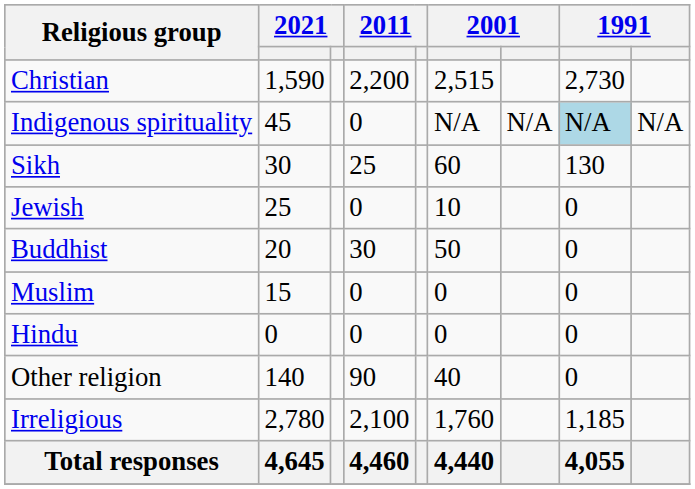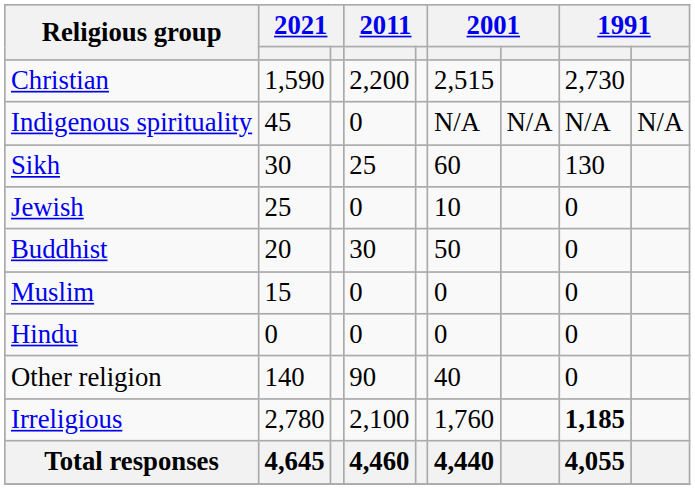 <table class="wikitable collapsible sortable">
 <tr>
 <th rowspan="2">Religious group</th>
 <th colspan="2"><a href='#'>2021</a></th>
 <th colspan="2"><a href='#'>2011</a></th>
 <th colspan="2"><a href='#'>2001</a></th>
 <th colspan="2"><a href='#'>1991</a></th>
 </tr>
 <tr>
 <th><a href='#'></a></th>
 <th></th>
 <th></th>
 <th></th>
 <th></th>
 <th></th>
 <th></th>
 <th></th>
 </tr>
 <tr>
 <td><a href='#'>Christian</a></td>
 <td>1,590</td>
 <td></td>
 <td>2,200</td>
 <td></td>
 <td>2,515</td>
 <td></td>
 <td>2,730</td>
 <td></td>
 </tr>
 <tr>
 <td><a href='#'>Indigenous spirituality</a></td>
 <td>45</td>
 <td></td>
 <td>0</td>
 <td></td>
 <td>N/A</td>
 <td>N/A</td>
-<td style="background: lightblue;">N/A</td>
+<td>N/A</td>
 <td>N/A</td>
 </tr>
 <tr>
 <td><a href='#'>Sikh</a></td>
 <td>30</td>
 <td></td>
 <td>25</td>
 <td></td>
 <td>60</td>
 <td></td>
 <td>130</td>
 <td></td>
 </tr>
 <tr>
 <td><a href='#'>Jewish</a></td>
 <td>25</td>
 <td></td>
 <td>0</td>
 <td></td>
 <td>10</td>
 <td></td>
 <td>0</td>
 <td></td>
 </tr>
 <tr>
 <td><a href='#'>Buddhist</a></td>
 <td>20</td>
 <td></td>
 <td>30</td>
 <td></td>
 <td>50</td>
 <td></td>
 <td>0</td>
 <td></td>
 </tr>
 <tr>
 <td><a href='#'>Muslim</a></td>
 <td>15</td>
 <td></td>
 <td>0</td>
 <td></td>
 <td>0</td>
 <td></td>
 <td>0</td>
 <td></td>
 </tr>
 <tr>
 <td><a href='#'>Hindu</a></td>
 <td>0</td>
 <td></td>
 <td>0</td>
 <td></td>
 <td>0</td>
 <td></td>
 <td>0</td>
 <td></td>
 </tr>
 <tr>
 <td>Other religion</td>
 <td>140</td>
 <td></td>
 <td>90</td>
 <td></td>
 <td>40</td>
 <td></td>
 <td>0</td>
 <td></td>
 </tr>
 <tr>
 <td><a href='#'>Irreligious</a></td>
 <td>2,780</td>
 <td></td>
 <td>2,100</td>
 <td></td>
 <td>1,760</td>
 <td></td>
-<td>1,185</td>
+<td><strong>1,185</strong></td>
 <td></td>
 </tr>
 <tr class="sortbottom">
 <th>Total responses</th>
 <th>4,645</th>
 <th></th>
 <th>4,460</th>
 <th></th>
 <th>4,440</th>
 <th></th>
 <th>4,055</th>
 <th></th>
 </tr>
 <tr>
 </tr>
 </table>
